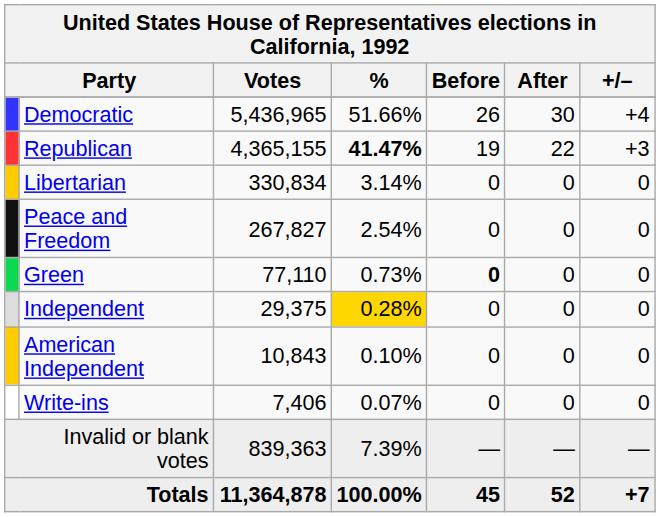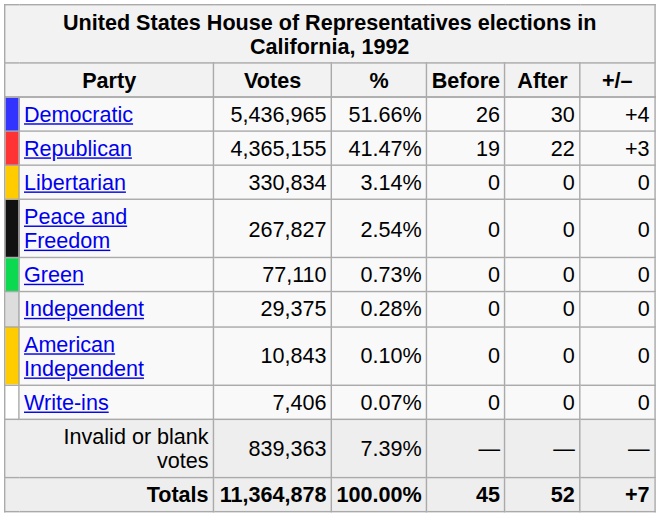 <table class="wikitable" style="font-size: 95%;">
 <tr>
 <th colspan="7">United States House of Representatives elections in California, 1992</th>
 </tr>
 <tr>
 <th colspan=2 style="width: 5em">Party</th>
 <th style="width: 5em">Votes</th>
 <th style="width: 3em">%</th>
 <th style="width: 3em">Before</th>
 <th style="width: 3em">After</th>
 <th style="width: 3em">+/–</th>
 </tr>
 <tr>
 </tr>
 <tr>
 <th style="background-color:#3333FF; width: 3px"></th>
 <td style="width: 130px"><a href='#'>Democratic</a></td>
 <td align="right">5,436,965</td>
 <td align="right">51.66%</td>
 <td align="right">26</td>
 <td align="right">30</td>
 <td align="right">+4</td>
 </tr>
 <tr>
 <th style="background-color:#FF3333; width: 3px"></th>
 <td style="width: 130px"><a href='#'>Republican</a></td>
 <td align="right">4,365,155</td>
-<td align="right"><strong>41.47%</strong></td>
+<td align="right">41.47%</td>
 <td align="right">19</td>
 <td align="right">22</td>
 <td align="right">+3</td>
 </tr>
 <tr>
 <th style="background-color:#FFCC00; width: 3px"></th>
 <td style="width: 130px"><a href='#'>Libertarian</a></td>
 <td align="right">330,834</td>
 <td align="right">3.14%</td>
 <td align="right">0</td>
 <td align="right">0</td>
 <td align="right">0</td>
 </tr>
 <tr>
 <th style="background-color:#111111; width: 3px"></th>
 <td style="width: 130px"><a href='#'>Peace and Freedom</a></td>
 <td align="right">267,827</td>
 <td align="right">2.54%</td>
 <td align="right">0</td>
 <td align="right">0</td>
 <td align="right">0</td>
 </tr>
 <tr>
 <th style="background-color:#0BDA51; width: 3px"></th>
 <td style="width: 130px"><a href='#'>Green</a></td>
 <td align="right">77,110</td>
 <td align="right">0.73%</td>
-<td align="right"><strong>0</strong></td>
+<td align="right">0</td>
 <td align="right">0</td>
 <td align="right">0</td>
 </tr>
 <tr>
 <th style="background-color:#DDDDDD; width: 3px"></th>
 <td style="width: 130px"><a href='#'>Independent</a></td>
 <td align="right">29,375</td>
-<td align="right" style="background: gold;">0.28%</td>
+<td align="right">0.28%</td>
 <td align="right">0</td>
 <td align="right">0</td>
 <td align="right">0</td>
 </tr>
 <tr>
 <th style="background-color:#FFCC00; width: 3px"></th>
 <td style="width: 130px"><a href='#'>American Independent</a></td>
 <td align="right">10,843</td>
 <td align="right">0.10%</td>
 <td align="right">0</td>
 <td align="right">0</td>
 <td align="right">0</td>
 </tr>
 <tr>
 <th style="background-color:#FFFFFF; width: 3px"></th>
 <td style="width: 130px"><a href='#'>Write-ins</a></td>
 <td align="right">7,406</td>
 <td align="right">0.07%</td>
 <td align="right">0</td>
 <td align="right">0</td>
 <td align="right">0</td>
 </tr>
 <tr bgcolor="#EEEEEE">
 <td colspan="2" align="right">Invalid or blank votes</td>
 <td align="right">839,363</td>
 <td align="right">7.39%</td>
 <td align="right">—</td>
 <td align="right">—</td>
 <td align="right">—</td>
 </tr>
 <tr bgcolor="#EEEEEE">
 <td colspan="2" align="right"><strong>Totals</strong></td>
 <td align="right"><strong>11,364,878</strong></td>
 <td align="right"><strong>100.00%</strong></td>
 <td align="right"><strong>45</strong></td>
 <td align="right"><strong>52</strong></td>
 <td align="right"><strong>+7</strong></td>
 </tr>
 </table>
